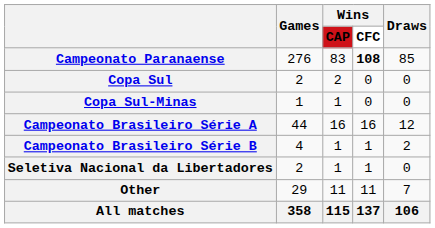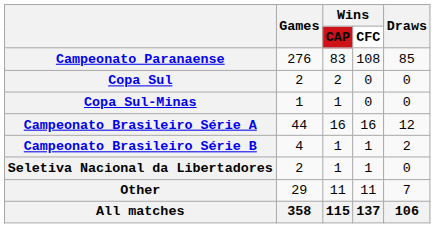 <table class="wikitable sortable" style="text-align:center">
 <tr>
 <th rowspan="2"></th>
 <th rowspan="2">Games</th>
 <th colspan="2">Wins</th>
 <th rowspan="2">Draws</th>
 </tr>
 <tr>
 <th style="background-color:#cf1118;">CAP</th>
 <th style="background-color:white;"><span>CFC</span></th>
 </tr>
 <tr>
 <th scope=row><a href='#'>Campeonato Paranaense</a></th>
 <td>276</td>
 <td>83</td>
-<td><strong>108</strong></td>
+<td>108</td>
 <td>85</td>
 </tr>
 <tr>
 <th scope=row><a href='#'>Copa Sul</a></th>
 <td>2</td>
 <td>2</td>
 <td>0</td>
 <td>0</td>
 </tr>
 <tr>
 <th scope=row><a href='#'>Copa Sul-Minas</a></th>
 <td>1</td>
 <td>1</td>
 <td>0</td>
 <td>0</td>
 </tr>
 <tr>
 <th><a href='#'>Campeonato Brasileiro Série A</a></th>
 <td>44</td>
 <td>16</td>
 <td>16</td>
 <td>12</td>
 </tr>
 <tr>
 <th scope=row><a href='#'>Campeonato Brasileiro Série B</a></th>
 <td>4</td>
 <td>1</td>
 <td>1</td>
 <td>2</td>
 </tr>
 <tr>
 <th scope=row>Seletiva Nacional da Libertadores</th>
 <td>2</td>
 <td>1</td>
 <td>1</td>
 <td>0</td>
 </tr>
 <tr>
 <th scope=row>Other</th>
 <td>29</td>
 <td>11</td>
 <td>11</td>
 <td>7</td>
 </tr>
 <tr>
 <th scope="row">All matches</th>
 <th scope="row">358</th>
 <th>115</th>
 <th>137</th>
 <th>106</th>
 </tr>
 </table>
